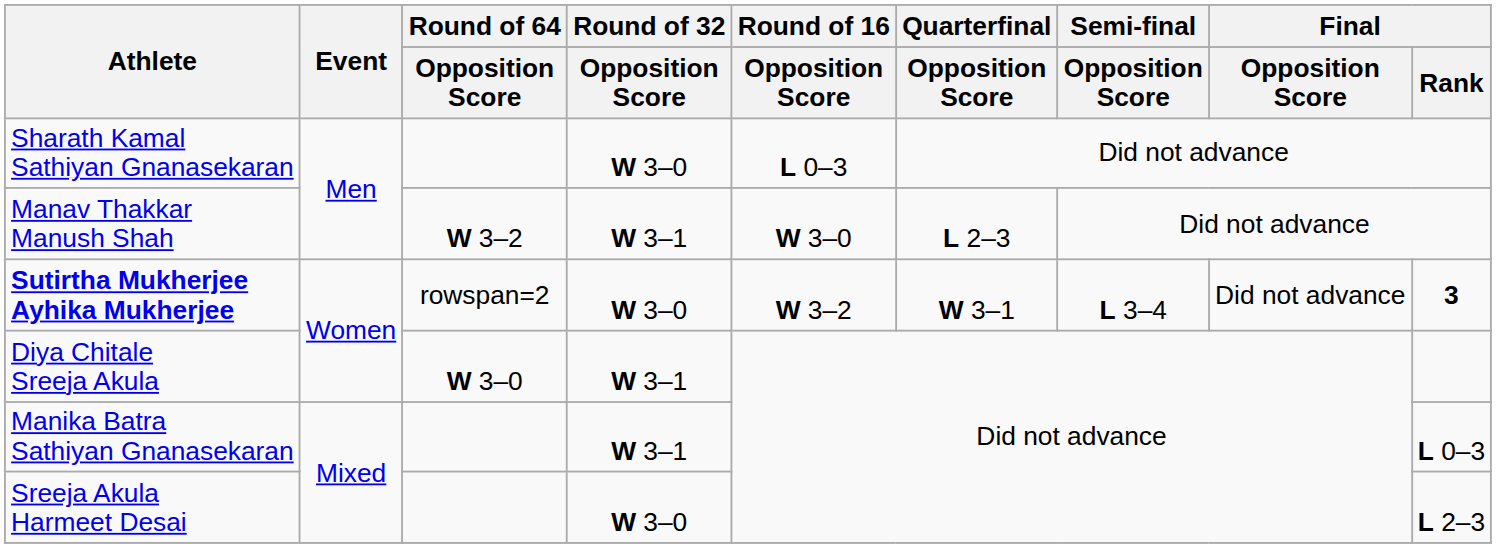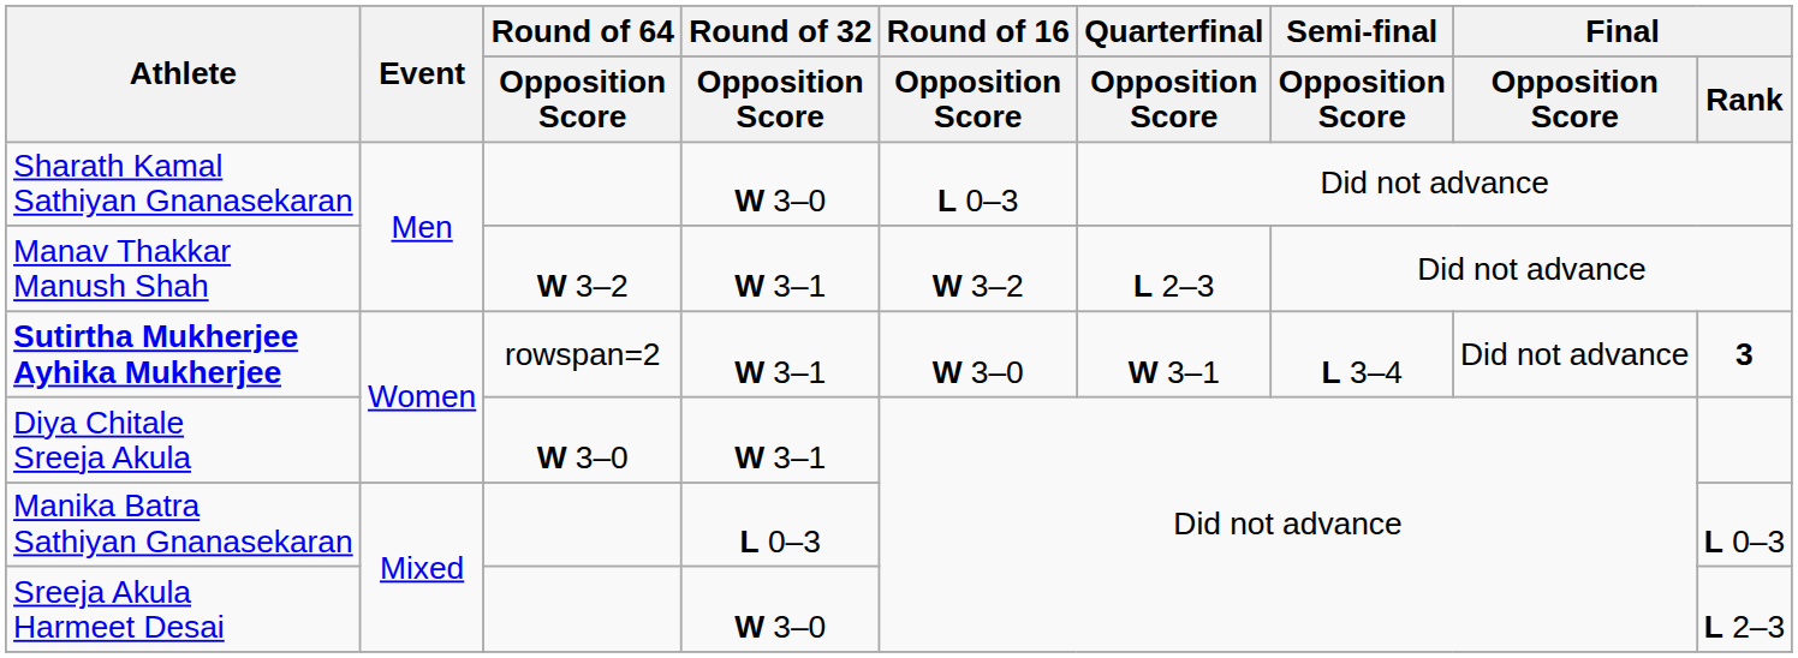 <table class=wikitable style=font-size:90%;text-align:center>
 <tr>
 <th rowspan="2">Athlete</th>
 <th rowspan="2">Event</th>
 <th>Round of 64</th>
 <th>Round of 32</th>
 <th>Round of 16</th>
 <th>Quarterfinal</th>
 <th>Semi-final</th>
 <th colspan="2">Final</th>
 </tr>
 <tr>
 <th>Opposition<br>Score</th>
 <th>Opposition<br>Score</th>
 <th>Opposition<br>Score</th>
 <th>Opposition<br>Score</th>
 <th>Opposition<br>Score</th>
 <th>Opposition<br>Score</th>
 <th>Rank</th>
 </tr>
 <tr>
 <td align=left><a href='#'>Sharath Kamal</a><br><a href='#'>Sathiyan Gnanasekaran</a></td>
 <td rowspan="2"><a href='#'>Men</a></td>
 <td></td>
 <td><br><strong>W</strong> 3–0</td>
 <td><br><strong>L</strong> 0–3</td>
 <td colspan="4">Did not advance</td>
 </tr>
 <tr>
 <td align=left><a href='#'>Manav Thakkar</a><br><a href='#'>Manush Shah</a></td>
 <td><br><strong>W</strong> 3–2</td>
 <td><br><strong>W</strong> 3–1</td>
-<td><br><strong>W</strong> 3–0</td>
+<td><br> <strong>W</strong> 3–2</td>
 <td><br> <strong>L</strong> 2–3</td>
 <td colspan="3">Did not advance</td>
 </tr>
 <tr>
 <td align=left><strong><a href='#'>Sutirtha Mukherjee</a><br><a href='#'>Ayhika Mukherjee</a></strong></td>
 <td rowspan="2"><a href='#'>Women</a></td>
 <td>rowspan=2 </td>
+<td><br><strong>W</strong> 3–1</td>
 <td><br><strong>W</strong> 3–0</td>
-<td><br> <strong>W</strong> 3–2</td>
 <td><br><strong>W</strong> 3–1</td>
 <td><br> <strong>L</strong> 3–4</td>
 <td>Did not advance</td>
 <td><strong>3</strong></td>
 </tr>
 <tr>
 <td align=left><a href='#'>Diya Chitale</a><br><a href='#'>Sreeja Akula</a></td>
 <td><br><strong>W</strong> 3–0</td>
 <td><br><strong>W</strong> 3–1</td>
 <td colspan="4" rowspan="3">Did not advance</td>
 </tr>
 <tr>
 <td align=left><a href='#'>Manika Batra</a><br><a href='#'>Sathiyan Gnanasekaran</a></td>
 <td rowspan="2"><a href='#'>Mixed</a></td>
 <td></td>
-<td><br><strong>W</strong> 3–1</td>
+<td><br><strong>L</strong> 0–3</td>
 <td><br><strong>L</strong> 0–3</td>
 </tr>
 <tr>
 <td style="text-align:left"><a href='#'>Sreeja Akula</a><br><a href='#'>Harmeet Desai</a></td>
 <td></td>
 <td><br><strong>W</strong> 3–0</td>
 <td><br><strong>L</strong> 2–3</td>
 </tr>
 </table>
